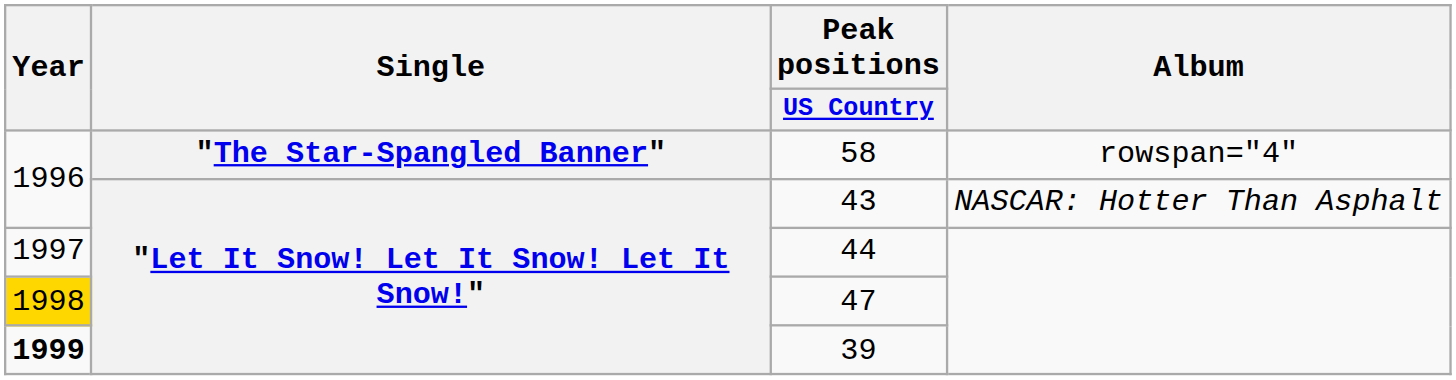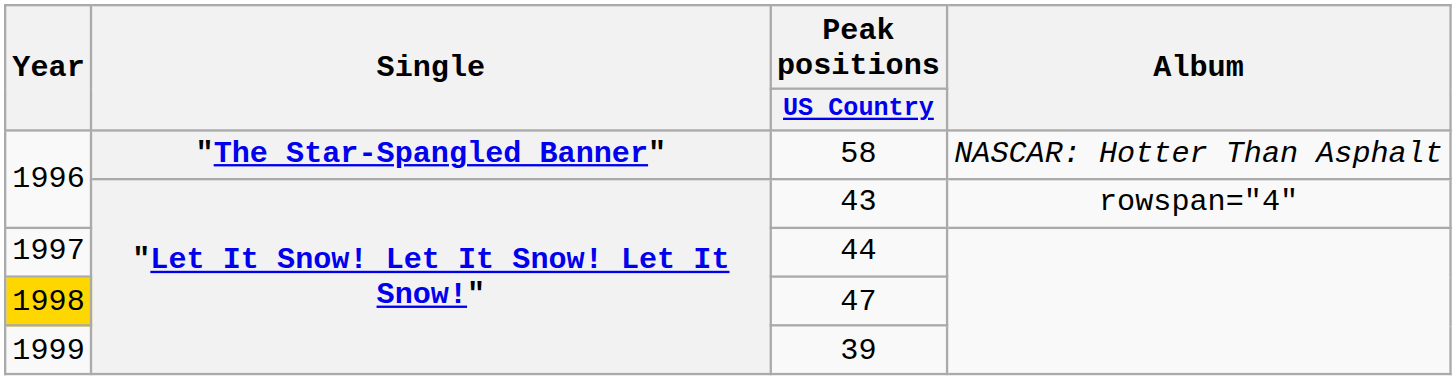 <table class="wikitable plainrowheaders" style="text-align:center;">
 <tr>
 <th rowspan="2">Year</th>
 <th rowspan="2" style="width:22em;">Single</th>
 <th>Peak positions</th>
 <th rowspan="2">Album</th>
 </tr>
 <tr style="font-size:smaller;">
 <th style="width:60px;"><a href='#'>US Country</a></th>
 </tr>
 <tr>
 <td rowspan="2">1996</td>
 <th scope="row">"<a href='#'>The Star-Spangled Banner</a>"</th>
 <td>58</td>
-<td>rowspan="4" </td>
+<td style="text-align:left;"><em>NASCAR: Hotter Than Asphalt</em></td>
 </tr>
 <tr>
 <th scope="row" rowspan="4">"<a href='#'>Let It Snow! Let It Snow! Let It Snow!</a>"</th>
 <td>43</td>
-<td style="text-align:left;"><em>NASCAR: Hotter Than Asphalt</em></td>
+<td>rowspan="4" </td>
 </tr>
 <tr>
 <td>1997</td>
 <td>44</td>
 </tr>
 <tr>
 <td style="background: gold;">1998</td>
 <td>47</td>
 </tr>
 <tr>
-<td><strong>1999</strong></td>
+<td>1999</td>
 <td>39</td>
 </tr>
 </table>
